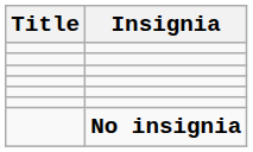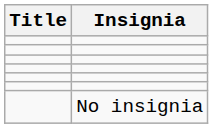 <table class="wikitable">
 <tr>
 <th>Title</th>
 <th>Insignia</th>
 </tr>
 <tr>
 <td></td>
 <td style="text-align:center;"></td>
 </tr>
 <tr>
 <td></td>
 <td style="text-align:center;"></td>
 </tr>
 <tr>
 <td></td>
 <td style="text-align:center;"></td>
 </tr>
 <tr>
 <td></td>
 <td style="text-align:center;"></td>
 </tr>
 <tr>
 <td></td>
 <td style="text-align:center;"></td>
 </tr>
 <tr>
 <td></td>
 <td style="text-align:center;"></td>
 </tr>
 <tr>
 <td></td>
-<td style="text-align:center;"><strong>No insignia</strong></td>
+<td style="text-align:center;">No insignia</td>
 </tr>
 </table>
